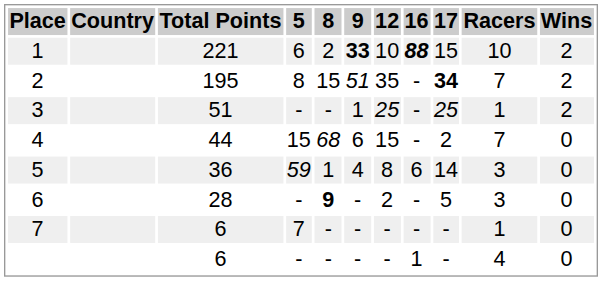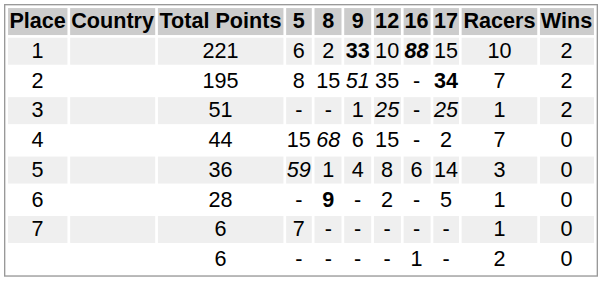 <table border="0" style="border: 1px solid #999; background-color:#FFFFFF; text-align:center">
 <tr align="center" bgcolor="#CCCCCC">
 <th>Place</th>
 <th>Country</th>
 <th>Total Points</th>
 <th>5</th>
 <th>8</th>
 <th>9</th>
 <th>12</th>
 <th>16</th>
 <th>17</th>
 <th>Racers</th>
 <th>Wins</th>
 </tr>
 <tr bgcolor="#EFEFEF">
 <td>1</td>
 <td align="left"></td>
 <td>221</td>
 <td>6</td>
 <td>2</td>
 <td><strong>33</strong></td>
 <td>10</td>
 <td><strong><em>88</em></strong></td>
 <td>15</td>
 <td>10</td>
 <td>2</td>
 </tr>
 <tr>
 <td>2</td>
 <td align="left"></td>
 <td>195</td>
 <td>8</td>
 <td>15</td>
 <td><em>51</em></td>
 <td>35</td>
 <td>-</td>
 <td><strong>34</strong></td>
 <td>7</td>
 <td>2</td>
 </tr>
 <tr bgcolor="#EFEFEF">
 <td>3</td>
 <td align="left"></td>
 <td>51</td>
 <td>-</td>
 <td>-</td>
 <td>1</td>
 <td><em>25</em></td>
 <td>-</td>
 <td><em>25</em></td>
 <td>1</td>
 <td>2</td>
 </tr>
 <tr>
 <td>4</td>
 <td align="left"></td>
 <td>44</td>
 <td>15</td>
 <td><em>68</em></td>
 <td>6</td>
 <td>15</td>
 <td>-</td>
 <td>2</td>
 <td>7</td>
 <td>0</td>
 </tr>
 <tr bgcolor="#EFEFEF">
 <td>5</td>
 <td align="left"></td>
 <td>36</td>
 <td><em>59</em></td>
 <td>1</td>
 <td>4</td>
 <td>8</td>
 <td>6</td>
 <td>14</td>
 <td>3</td>
 <td>0</td>
 </tr>
 <tr>
 <td>6</td>
 <td align="left"></td>
 <td>28</td>
 <td>-</td>
 <td><strong>9</strong></td>
 <td>-</td>
 <td>2</td>
 <td>-</td>
 <td>5</td>
-<td>3</td>
+<td>1</td>
 <td>0</td>
 </tr>
 <tr bgcolor="#EFEFEF">
 <td>7</td>
 <td align="left"></td>
 <td>6</td>
 <td>7</td>
 <td>-</td>
 <td>-</td>
 <td>-</td>
 <td>-</td>
 <td>-</td>
 <td>1</td>
 <td>0</td>
 </tr>
 <tr>
 <td></td>
 <td align="left"></td>
 <td>6</td>
 <td>-</td>
 <td>-</td>
 <td>-</td>
 <td>-</td>
 <td>1</td>
 <td>-</td>
-<td>4</td>
+<td>2</td>
 <td>0</td>
 </tr>
 </table>
